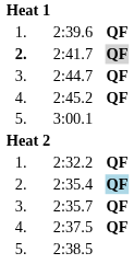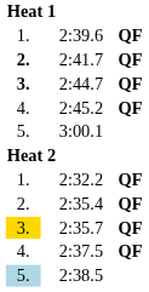 <table style="text-align:center">
 <tr>
 <td colspan=4 align=left><strong>Heat 1</strong></td>
 </tr>
 <tr>
 <td width=30>1.</td>
 <td align=left></td>
 <td width=60>2:39.6</td>
 <td><strong>QF</strong></td>
 </tr>
 <tr>
 <td><strong>2.</strong></td>
 <td align=left></td>
 <td>2:41.7</td>
-<td style="background: lightgrey;"><strong>QF</strong></td>
+<td><strong>QF</strong></td>
 </tr>
 <tr>
-<td>3.</td>
+<td><strong>3.</strong></td>
 <td align=left></td>
 <td>2:44.7</td>
 <td><strong>QF</strong></td>
 </tr>
 <tr>
 <td>4.</td>
 <td align=left></td>
 <td>2:45.2</td>
 <td><strong>QF</strong></td>
 </tr>
 <tr>
 <td>5.</td>
 <td align=left></td>
 <td>3:00.1</td>
 <td></td>
 </tr>
 <tr>
 <td colspan=4 align=left><strong>Heat 2</strong></td>
 </tr>
 <tr>
 <td>1.</td>
 <td align=left></td>
 <td>2:32.2</td>
 <td><strong>QF</strong></td>
 </tr>
 <tr>
 <td>2.</td>
 <td align=left></td>
 <td>2:35.4</td>
-<td style="background: lightblue;"><strong>QF</strong></td>
+<td><strong>QF</strong></td>
 </tr>
 <tr>
-<td>3.</td>
+<td style="background: gold;">3.</td>
 <td align=left></td>
 <td>2:35.7</td>
 <td><strong>QF</strong></td>
 </tr>
 <tr>
 <td>4.</td>
 <td align=left></td>
 <td>2:37.5</td>
 <td><strong>QF</strong></td>
 </tr>
 <tr>
-<td>5.</td>
+<td style="background: lightblue;">5.</td>
 <td align=left></td>
 <td>2:38.5</td>
 <td></td>
 </tr>
 </table>
